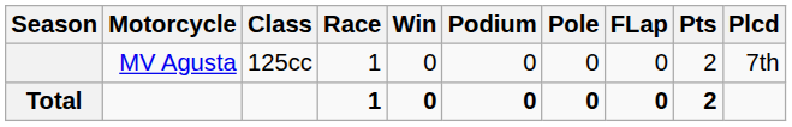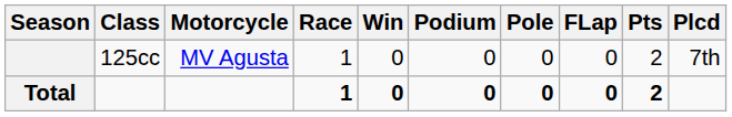 <table class="wikitable">
 <tr>
 <th>Season</th>
+<th>Class</th>
 <th>Motorcycle</th>
-<th>Class</th>
 <th>Race</th>
 <th>Win</th>
 <th>Podium</th>
 <th>Pole</th>
 <th>FLap</th>
 <th>Pts</th>
 <th>Plcd</th>
 </tr>
 <tr align="right">
 <th></th>
+<td>125cc</td>
 <td><a href='#'>MV Agusta</a></td>
-<td>125cc</td>
 <td>1</td>
 <td>0</td>
 <td>0</td>
 <td>0</td>
 <td>0</td>
 <td>2</td>
 <td>7th</td>
 </tr>
 <tr align="right">
 <th>Total</th>
 <td></td>
 <td></td>
 <td><strong>1</strong></td>
 <td><strong>0</strong></td>
 <td><strong>0</strong></td>
 <td><strong>0</strong></td>
 <td><strong>0</strong></td>
 <td><strong>2</strong></td>
 <td></td>
 </tr>
 </table>
